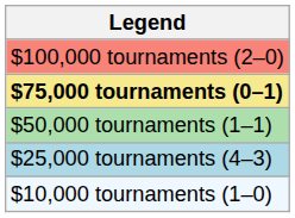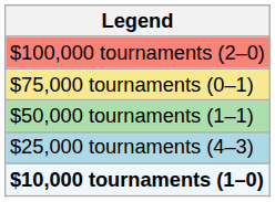 <table class="wikitable" style="font-size:85%;">
 <tr>
 <th>Legend</th>
 </tr>
 <tr style="background:#f88379;">
 <td>$100,000 tournaments (2–0)</td>
 </tr>
 <tr style="background:#f7e98e;">
-<td><strong>$75,000 tournaments (0–1)</strong></td>
+<td>$75,000 tournaments (0–1)</td>
 </tr>
 <tr style="background:#addfad;">
 <td>$50,000 tournaments (1–1)</td>
 </tr>
 <tr style="background:lightblue;">
 <td>$25,000 tournaments (4–3)</td>
 </tr>
 <tr style="background:#f0f8ff;">
-<td>$10,000 tournaments (1–0)</td>
+<td><strong>$10,000 tournaments (1–0)</strong></td>
 </tr>
 </table>
